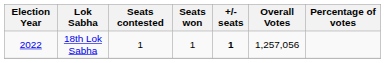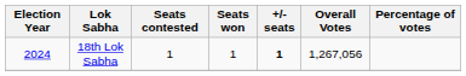 <table class="wikitable" style="text-align:center">
 <tr>
 <th Style="background-color:">Election Year</th>
 <th Style="background-color:">Lok Sabha</th>
 <th Style="background-color:">Seats contested</th>
 <th Style="background-color:">Seats won</th>
 <th Style="background-color:">+/- seats</th>
 <th Style="background-color:">Overall Votes</th>
 <th Style="background-color:">Percentage of votes</th>
 </tr>
 <tr>
-<td><a href='#'>2022</a></td>
+<td><a href='#'>2024</a></td>
 <td><a href='#'>18th Lok Sabha</a></td>
 <td>1</td>
 <td>1</td>
 <td><strong> 1</strong></td>
-<td>1,257,056</td>
+<td>1,267,056</td>
 <td></td>
 </tr>
 <tr>
 </tr>
 </table>
